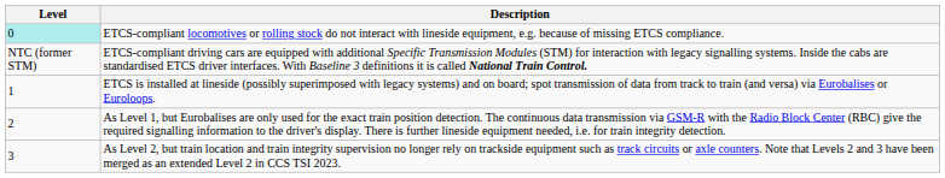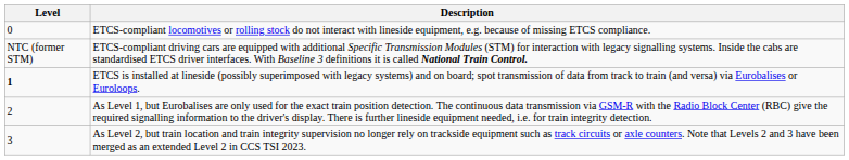 <table class="wikitable">
 <tr>
 <th width=120>Level</th>
 <th>Description</th>
 </tr>
 <tr>
-<td style="background: paleturquoise;">0</td>
+<td>0</td>
 <td>ETCS-compliant <a href='#'>locomotives</a> or <a href='#'>rolling stock</a> do not interact with lineside equipment, e.g. because of missing ETCS compliance.</td>
 </tr>
 <tr>
 <td>NTC (former STM)</td>
 <td>ETCS-compliant driving cars are equipped with additional <em>Specific Transmission Modules</em> (STM) for interaction with legacy signalling systems. Inside the cabs are standardised ETCS driver interfaces. With <em>Baseline 3</em> definitions it is called <strong><em>N<strong>ational </strong>T<strong>rain </strong>C<strong>ontrol<em>.</td>
 </tr>
 <tr>
-<td>1</td>
+<td><strong>1</strong></td>
 <td>ETCS is installed at lineside (possibly superimposed with legacy systems) and on board; spot transmission of data from track to train (and versa) via <a href='#'>Eurobalises</a> or <a href='#'>Euroloops</a>.</td>
 </tr>
 <tr>
 <td>2</td>
 <td>As Level 1, but Eurobalises are only used for the exact train position detection. The continuous data transmission via <a href='#'>GSM-R</a> with the <a href='#'>Radio Block Center</a> (RBC) give the required signalling information to the driver's display. There is further lineside equipment needed, i.e. for train integrity detection.</td>
 </tr>
 <tr>
 <td>3</td>
 <td>As Level 2, but train location and train integrity supervision no longer rely on trackside equipment such as <a href='#'>track circuits</a> or <a href='#'>axle counters</a>. Note that Levels 2 and 3 have been merged as an extended Level 2 in CCS TSI 2023.</td>
 </tr>
 </table>
